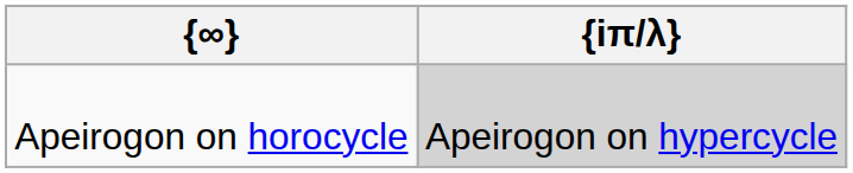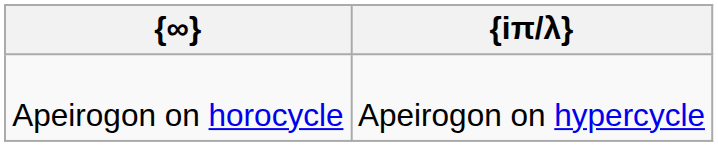 <table class=wikitable>
 <tr>
 <th>{∞}</th>
 <th>{iπ/λ}</th>
 </tr>
 <tr>
 <td><br>Apeirogon on <a href='#'>horocycle</a></td>
-<td style="background: lightgrey;"><br>Apeirogon on <a href='#'>hypercycle</a></td>
+<td><br>Apeirogon on <a href='#'>hypercycle</a></td>
 </tr>
 </table>
